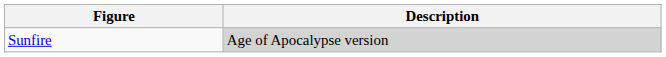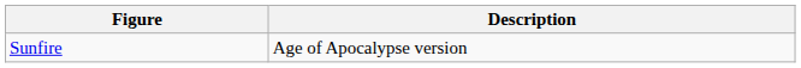 <table class="wikitable" style="width:80%;">
 <tr>
 <th width=20%>Figure</th>
 <th width=40%>Description</th>
 </tr>
 <tr>
 <td><a href='#'>Sunfire</a></td>
-<td style="background: lightgrey;">Age of Apocalypse version</td>
+<td>Age of Apocalypse version</td>
 </tr>
 </table>
